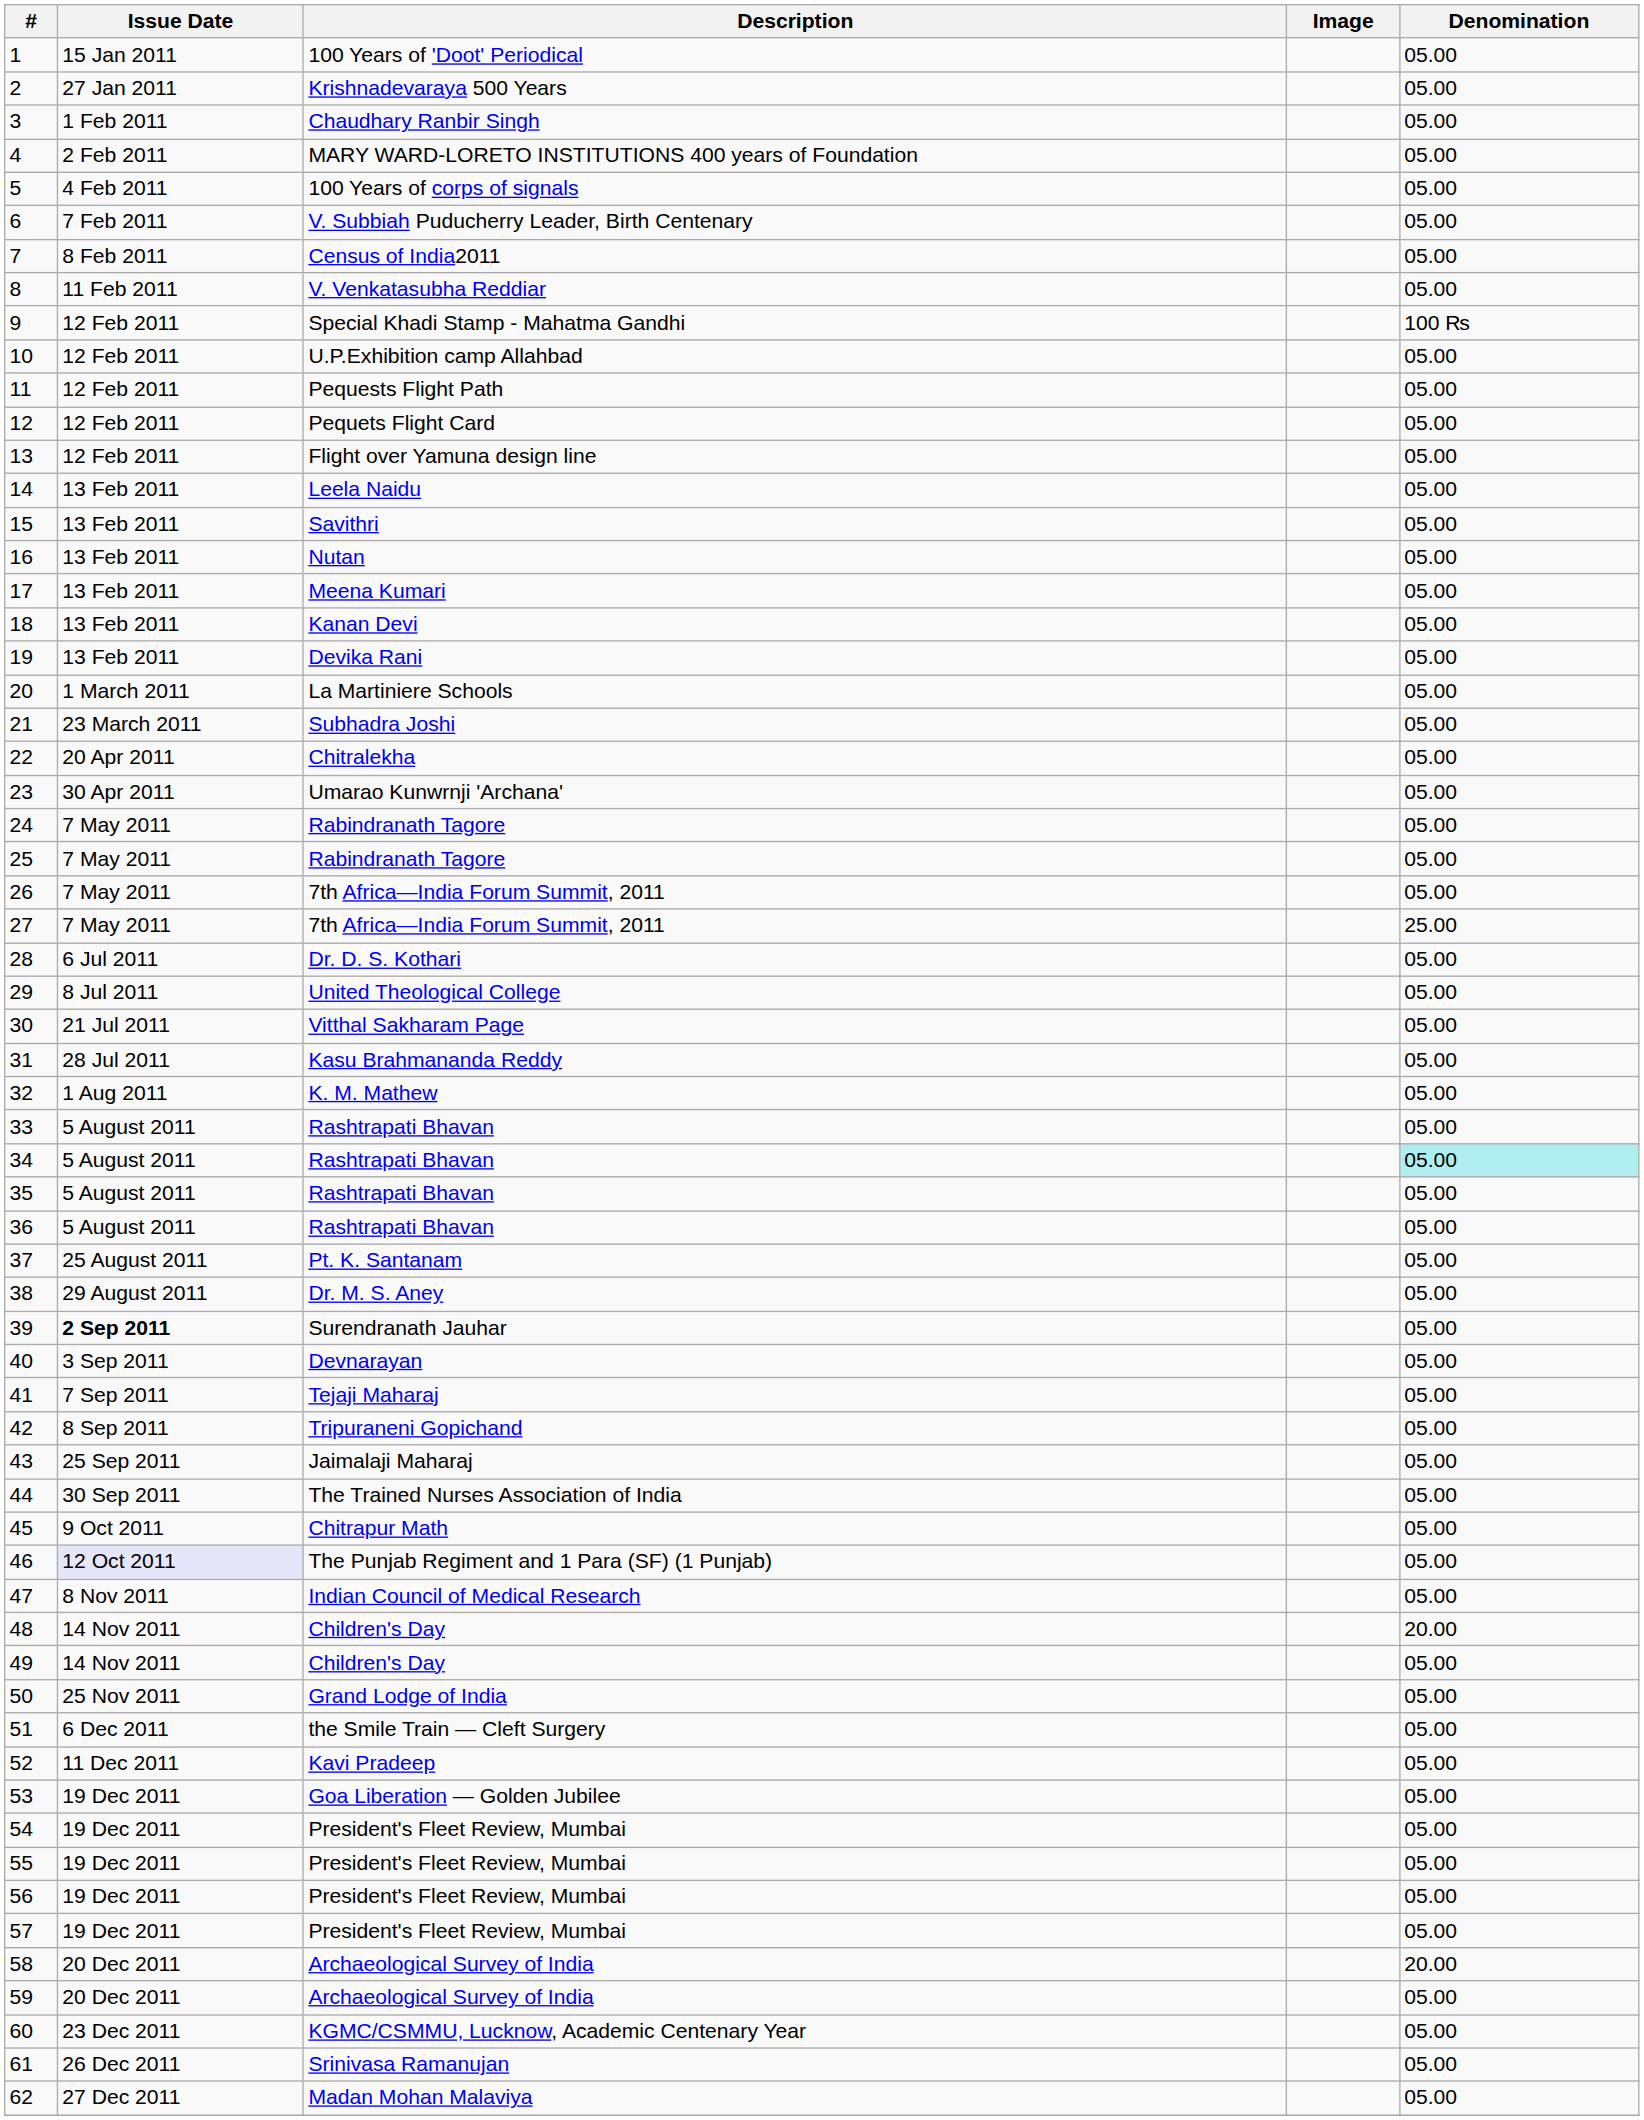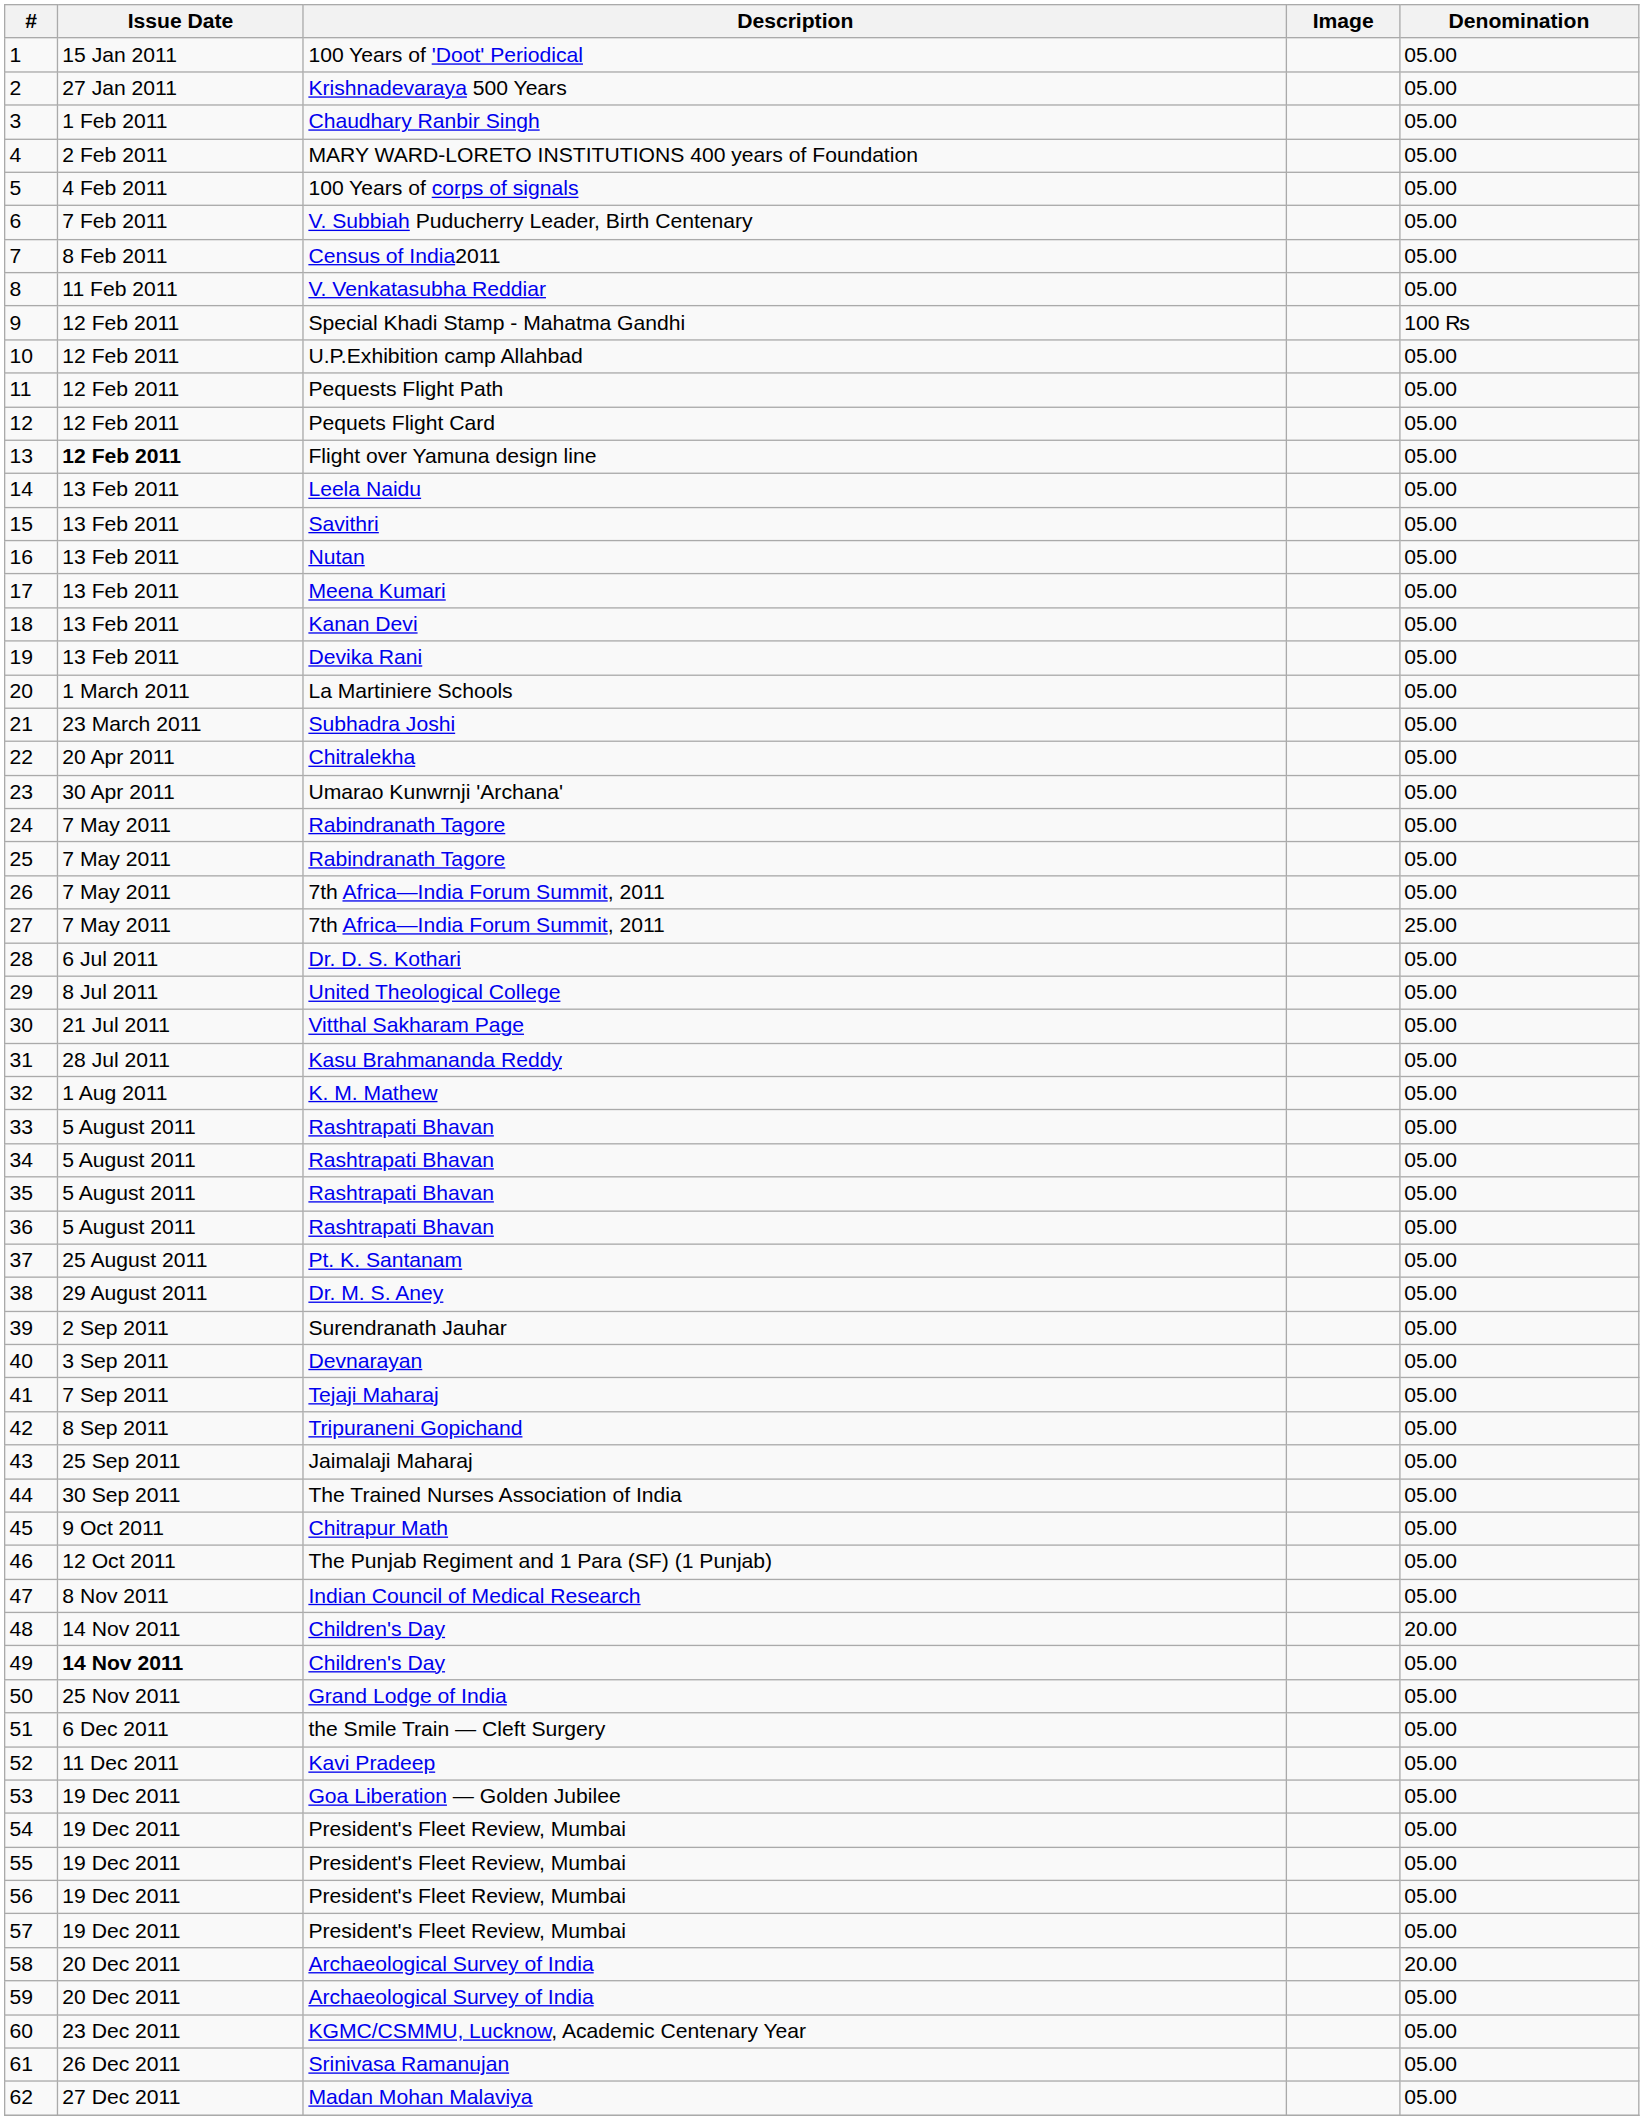 <table class = "wikitable"  style = "text-align:justify" width = "98%">
 <tr>
 <th>#</th>
 <th>Issue Date</th>
 <th>Description</th>
 <th>Image</th>
 <th>Denomination</th>
 </tr>
 <tr>
 <td>1</td>
 <td>15 Jan 2011</td>
 <td>100 Years of <a href='#'>'Doot' Periodical</a></td>
 <td></td>
 <td>05.00</td>
 </tr>
 <tr>
 <td>2</td>
 <td>27 Jan 2011</td>
 <td><a href='#'>Krishnadevaraya</a> 500 Years</td>
 <td></td>
 <td>05.00</td>
 </tr>
 <tr>
 <td>3</td>
 <td>1 Feb 2011</td>
 <td><a href='#'>Chaudhary Ranbir Singh</a></td>
 <td></td>
 <td>05.00</td>
 </tr>
 <tr>
 <td>4</td>
 <td>2 Feb 2011</td>
 <td>MARY WARD-LORETO INSTITUTIONS 400 years of Foundation</td>
 <td></td>
 <td>05.00</td>
 </tr>
 <tr>
 <td>5</td>
 <td>4 Feb 2011</td>
 <td>100 Years of <a href='#'>corps of signals</a></td>
 <td></td>
 <td>05.00</td>
 </tr>
 <tr>
 <td>6</td>
 <td>7 Feb 2011</td>
 <td><a href='#'>V. Subbiah</a> Puducherry Leader, Birth Centenary</td>
 <td></td>
 <td>05.00</td>
 </tr>
 <tr>
 <td>7</td>
 <td>8 Feb 2011</td>
 <td><a href='#'>Census of India</a>2011</td>
 <td></td>
 <td>05.00</td>
 </tr>
 <tr>
 <td>8</td>
 <td>11 Feb 2011</td>
 <td><a href='#'>V. Venkatasubha Reddiar</a></td>
 <td></td>
 <td>05.00</td>
 </tr>
 <tr>
 <td>9</td>
 <td>12 Feb 2011</td>
 <td>Special Khadi Stamp - Mahatma Gandhi</td>
 <td></td>
 <td>100 ₨</td>
 </tr>
 <tr>
 <td>10</td>
 <td>12 Feb 2011</td>
 <td>U.P.Exhibition camp Allahbad</td>
 <td></td>
 <td>05.00</td>
 </tr>
 <tr>
 <td>11</td>
 <td>12 Feb 2011</td>
 <td>Pequests Flight Path</td>
 <td></td>
 <td>05.00</td>
 </tr>
 <tr>
 <td>12</td>
 <td>12 Feb 2011</td>
 <td>Pequets Flight Card</td>
 <td></td>
 <td>05.00</td>
 </tr>
 <tr>
 <td>13</td>
-<td>12 Feb 2011</td>
+<td><strong>12 Feb 2011</strong></td>
 <td>Flight over Yamuna design line</td>
 <td></td>
 <td>05.00</td>
 </tr>
 <tr>
 <td>14</td>
 <td>13 Feb 2011</td>
 <td><a href='#'>Leela Naidu</a></td>
 <td></td>
 <td>05.00</td>
 </tr>
 <tr>
 <td>15</td>
 <td>13 Feb 2011</td>
 <td><a href='#'>Savithri</a></td>
 <td></td>
 <td>05.00</td>
 </tr>
 <tr>
 <td>16</td>
 <td>13 Feb 2011</td>
 <td><a href='#'>Nutan</a></td>
 <td></td>
 <td>05.00</td>
 </tr>
 <tr>
 <td>17</td>
 <td>13 Feb 2011</td>
 <td><a href='#'>Meena Kumari</a></td>
 <td></td>
 <td>05.00</td>
 </tr>
 <tr>
 <td>18</td>
 <td>13 Feb 2011</td>
 <td><a href='#'>Kanan Devi</a></td>
 <td></td>
 <td>05.00</td>
 </tr>
 <tr>
 <td>19</td>
 <td>13 Feb 2011</td>
 <td><a href='#'>Devika Rani</a></td>
 <td></td>
 <td>05.00</td>
 </tr>
 <tr>
 <td>20</td>
 <td>1 March 2011</td>
 <td>La Martiniere Schools</td>
 <td></td>
 <td>05.00</td>
 </tr>
 <tr>
 <td>21</td>
 <td>23 March 2011</td>
 <td><a href='#'>Subhadra Joshi</a></td>
 <td></td>
 <td>05.00</td>
 </tr>
 <tr>
 <td>22</td>
 <td>20 Apr 2011</td>
 <td><a href='#'>Chitralekha</a></td>
 <td></td>
 <td>05.00</td>
 </tr>
 <tr>
 <td>23</td>
 <td>30 Apr 2011</td>
 <td>Umarao Kunwrnji 'Archana'</td>
 <td></td>
 <td>05.00</td>
 </tr>
 <tr>
 <td>24</td>
 <td>7 May 2011</td>
 <td><a href='#'>Rabindranath Tagore</a></td>
 <td></td>
 <td>05.00</td>
 </tr>
 <tr>
 <td>25</td>
 <td>7 May 2011</td>
 <td><a href='#'>Rabindranath Tagore</a></td>
 <td></td>
 <td>05.00</td>
 </tr>
 <tr>
 <td>26</td>
 <td>7 May 2011</td>
 <td>7th <a href='#'>Africa—India Forum Summit</a>, 2011</td>
 <td></td>
 <td>05.00</td>
 </tr>
 <tr>
 <td>27</td>
 <td>7 May 2011</td>
 <td>7th <a href='#'>Africa—India Forum Summit</a>, 2011</td>
 <td></td>
 <td>25.00</td>
 </tr>
 <tr>
 <td>28</td>
 <td>6 Jul 2011</td>
 <td><a href='#'>Dr. D. S. Kothari</a></td>
 <td></td>
 <td>05.00</td>
 </tr>
 <tr>
 <td>29</td>
 <td>8 Jul 2011</td>
 <td><a href='#'>United Theological College</a></td>
 <td></td>
 <td>05.00</td>
 </tr>
 <tr>
 <td>30</td>
 <td>21 Jul 2011</td>
 <td><a href='#'>Vitthal Sakharam Page</a></td>
 <td></td>
 <td>05.00</td>
 </tr>
 <tr>
 <td>31</td>
 <td>28 Jul 2011</td>
 <td><a href='#'>Kasu Brahmananda Reddy</a></td>
 <td></td>
 <td>05.00</td>
 </tr>
 <tr>
 <td>32</td>
 <td>1 Aug 2011</td>
 <td><a href='#'>K. M. Mathew</a></td>
 <td></td>
 <td>05.00</td>
 </tr>
 <tr>
 <td>33</td>
 <td>5 August 2011</td>
 <td><a href='#'>Rashtrapati Bhavan</a></td>
 <td></td>
 <td>05.00</td>
 </tr>
 <tr>
 <td>34</td>
 <td>5 August 2011</td>
 <td><a href='#'>Rashtrapati Bhavan</a></td>
 <td></td>
-<td style="background: paleturquoise;">05.00</td>
+<td>05.00</td>
 </tr>
 <tr>
 <td>35</td>
 <td>5 August 2011</td>
 <td><a href='#'>Rashtrapati Bhavan</a></td>
 <td></td>
 <td>05.00</td>
 </tr>
 <tr>
 <td>36</td>
 <td>5 August 2011</td>
 <td><a href='#'>Rashtrapati Bhavan</a></td>
 <td></td>
 <td>05.00</td>
 </tr>
 <tr>
 <td>37</td>
 <td>25 August 2011</td>
 <td><a href='#'>Pt. K. Santanam</a></td>
 <td></td>
 <td>05.00</td>
 </tr>
 <tr>
 <td>38</td>
 <td>29 August 2011</td>
 <td><a href='#'>Dr. M. S. Aney</a></td>
 <td></td>
 <td>05.00</td>
 </tr>
 <tr>
 <td>39</td>
-<td><strong>2 Sep 2011</strong></td>
+<td>2 Sep 2011</td>
 <td>Surendranath Jauhar</td>
 <td></td>
 <td>05.00</td>
 </tr>
 <tr>
 <td>40</td>
 <td>3 Sep 2011</td>
 <td><a href='#'>Devnarayan</a></td>
 <td></td>
 <td>05.00</td>
 </tr>
 <tr>
 <td>41</td>
 <td>7 Sep 2011</td>
 <td><a href='#'>Tejaji Maharaj</a></td>
 <td></td>
 <td>05.00</td>
 </tr>
 <tr>
 <td>42</td>
 <td>8 Sep 2011</td>
 <td><a href='#'>Tripuraneni Gopichand</a></td>
 <td></td>
 <td>05.00</td>
 </tr>
 <tr>
 <td>43</td>
 <td>25 Sep 2011</td>
 <td>Jaimalaji Maharaj</td>
 <td></td>
 <td>05.00</td>
 </tr>
 <tr>
 <td>44</td>
 <td>30 Sep 2011</td>
 <td>The Trained Nurses Association of India</td>
 <td></td>
 <td>05.00</td>
 </tr>
 <tr>
 <td>45</td>
 <td>9 Oct 2011</td>
 <td><a href='#'>Chitrapur Math</a></td>
 <td></td>
 <td>05.00</td>
 </tr>
 <tr>
 <td>46</td>
-<td style="background: lavender;">12 Oct 2011</td>
+<td>12 Oct 2011</td>
 <td>The Punjab Regiment and 1 Para (SF) (1 Punjab)</td>
 <td></td>
 <td>05.00</td>
 </tr>
 <tr>
 <td>47</td>
 <td>8 Nov 2011</td>
 <td><a href='#'>Indian Council of Medical Research</a></td>
 <td></td>
 <td>05.00</td>
 </tr>
 <tr>
 <td>48</td>
 <td>14 Nov 2011</td>
 <td><a href='#'>Children's Day</a></td>
 <td></td>
 <td>20.00</td>
 </tr>
 <tr>
 <td>49</td>
-<td>14 Nov 2011</td>
+<td><strong>14 Nov 2011</strong></td>
 <td><a href='#'>Children's Day</a></td>
 <td></td>
 <td>05.00</td>
 </tr>
 <tr>
 <td>50</td>
 <td>25 Nov 2011</td>
 <td><a href='#'>Grand Lodge of India</a></td>
 <td></td>
 <td>05.00</td>
 </tr>
 <tr>
 <td>51</td>
 <td>6 Dec 2011</td>
 <td>the Smile Train — Cleft Surgery</td>
 <td></td>
 <td>05.00</td>
 </tr>
 <tr>
 <td>52</td>
 <td>11 Dec 2011</td>
 <td><a href='#'>Kavi Pradeep</a></td>
 <td></td>
 <td>05.00</td>
 </tr>
 <tr>
 <td>53</td>
 <td>19 Dec 2011</td>
 <td><a href='#'>Goa Liberation</a> — Golden Jubilee</td>
 <td></td>
 <td>05.00</td>
 </tr>
 <tr>
 <td>54</td>
 <td>19 Dec 2011</td>
 <td>President's Fleet Review, Mumbai</td>
 <td></td>
 <td>05.00</td>
 </tr>
 <tr>
 <td>55</td>
 <td>19 Dec 2011</td>
 <td>President's Fleet Review, Mumbai</td>
 <td></td>
 <td>05.00</td>
 </tr>
 <tr>
 <td>56</td>
 <td>19 Dec 2011</td>
 <td>President's Fleet Review, Mumbai</td>
 <td></td>
 <td>05.00</td>
 </tr>
 <tr>
 <td>57</td>
 <td>19 Dec 2011</td>
 <td>President's Fleet Review, Mumbai</td>
 <td></td>
 <td>05.00</td>
 </tr>
 <tr>
 <td>58</td>
 <td>20 Dec 2011</td>
 <td><a href='#'>Archaeological Survey of India</a></td>
 <td></td>
 <td>20.00</td>
 </tr>
 <tr>
 <td>59</td>
 <td>20 Dec 2011</td>
 <td><a href='#'>Archaeological Survey of India</a></td>
 <td></td>
 <td>05.00</td>
 </tr>
 <tr>
 <td>60</td>
 <td>23 Dec 2011</td>
 <td><a href='#'>KGMC/CSMMU, Lucknow</a>, Academic Centenary Year</td>
 <td></td>
 <td>05.00</td>
 </tr>
 <tr>
 <td>61</td>
 <td>26 Dec 2011</td>
 <td><a href='#'>Srinivasa Ramanujan</a></td>
 <td></td>
 <td>05.00</td>
 </tr>
 <tr>
 <td>62</td>
 <td>27 Dec 2011</td>
 <td><a href='#'>Madan Mohan Malaviya</a></td>
 <td></td>
 <td>05.00</td>
 </tr>
 <tr>
 </tr>
 </table>
